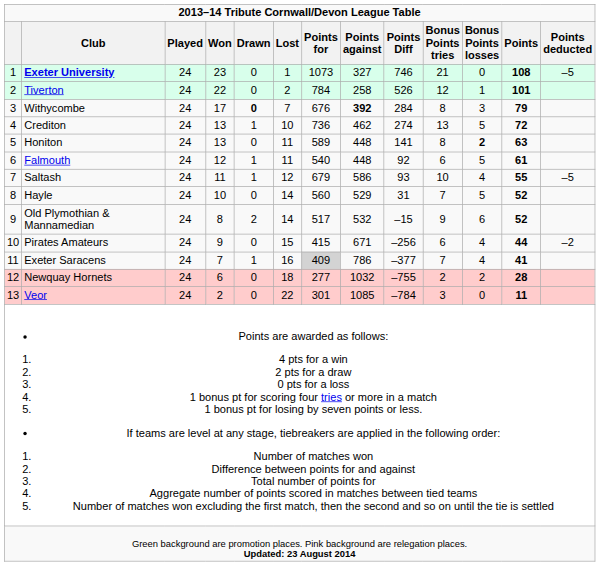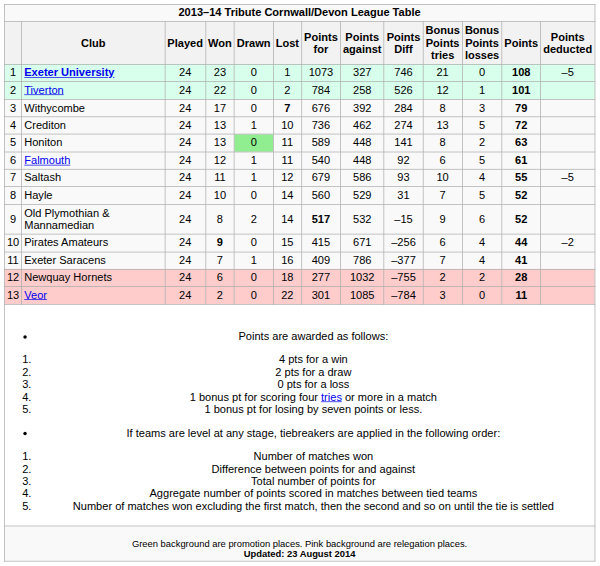 <table class="wikitable" style="text-align: center;">
 <tr>
 <td colspan="13"><strong> 2013–14 Tribute Cornwall/Devon League Table</strong></td>
 </tr>
 <tr>
 <th bgcolor="#efefef" width="10"></th>
 <th bgcolor="#efefef" width="200">Club</th>
 <th bgcolor="#efefef" width="20">Played</th>
 <th bgcolor="#efefef" width="20">Won</th>
 <th bgcolor="#efefef" width="20">Drawn</th>
 <th bgcolor="#efefef" width="20">Lost</th>
 <th bgcolor="#efefef" width="20">Points for</th>
 <th bgcolor="#efefef" width="20">Points against</th>
 <th bgcolor="#efefef" width="20">Points Diff</th>
 <th bgcolor="#efefef" width="20">Bonus Points tries</th>
 <th bgcolor="#efefef" width="20">Bonus Points losses</th>
 <th bgcolor="#efefef" width="20">Points</th>
 <th bgcolor="#efefef" width="20">Points deducted</th>
 </tr>
 <tr bgcolor=#d8ffeb align=center>
 <td>1</td>
 <td align=left><strong><a href='#'>Exeter University</a></strong></td>
 <td>24</td>
 <td>23</td>
 <td>0</td>
 <td>1</td>
 <td>1073</td>
 <td>327</td>
 <td>746</td>
 <td>21</td>
 <td>0</td>
 <td><strong>108</strong></td>
 <td>–5</td>
 </tr>
 <tr bgcolor=#d8ffeb align=center>
 <td>2</td>
 <td align=left><a href='#'>Tiverton</a></td>
 <td>24</td>
 <td>22</td>
 <td>0</td>
 <td>2</td>
 <td>784</td>
 <td>258</td>
 <td>526</td>
 <td>12</td>
 <td>1</td>
 <td><strong>101</strong></td>
 <td></td>
 </tr>
 <tr>
 <td>3</td>
 <td align=left>Withycombe</td>
 <td>24</td>
 <td>17</td>
-<td><strong>0</strong></td>
-<td>7</td>
+<td>0</td>
+<td><strong>7</strong></td>
 <td>676</td>
-<td><strong>392</strong></td>
+<td>392</td>
 <td>284</td>
 <td>8</td>
 <td>3</td>
 <td><strong>79</strong></td>
 <td></td>
 </tr>
 <tr>
 <td>4</td>
 <td align=left>Crediton</td>
 <td>24</td>
 <td>13</td>
 <td>1</td>
 <td>10</td>
 <td>736</td>
 <td>462</td>
 <td>274</td>
 <td>13</td>
 <td>5</td>
 <td><strong>72</strong></td>
 <td></td>
 </tr>
 <tr>
 <td>5</td>
 <td align=left>Honiton</td>
 <td>24</td>
 <td>13</td>
-<td>0</td>
+<td style="background: lightgreen;">0</td>
 <td>11</td>
 <td>589</td>
 <td>448</td>
 <td>141</td>
 <td>8</td>
-<td><strong>2</strong></td>
+<td>2</td>
 <td><strong>63</strong></td>
 <td></td>
 </tr>
 <tr>
 <td>6</td>
 <td align=left><a href='#'>Falmouth</a></td>
 <td>24</td>
 <td>12</td>
 <td>1</td>
 <td>11</td>
 <td>540</td>
 <td>448</td>
 <td>92</td>
 <td>6</td>
 <td>5</td>
 <td><strong>61</strong></td>
 <td></td>
 </tr>
 <tr>
 <td>7</td>
 <td align=left>Saltash</td>
 <td>24</td>
 <td>11</td>
 <td>1</td>
 <td>12</td>
 <td>679</td>
 <td>586</td>
 <td>93</td>
 <td>10</td>
 <td>4</td>
 <td><strong>55</strong></td>
 <td>–5</td>
 </tr>
 <tr>
 <td>8</td>
 <td align=left>Hayle</td>
 <td>24</td>
 <td>10</td>
 <td>0</td>
 <td>14</td>
 <td>560</td>
 <td>529</td>
 <td>31</td>
 <td>7</td>
 <td>5</td>
 <td><strong>52</strong></td>
 <td></td>
 </tr>
 <tr>
 <td>9</td>
 <td align=left>Old Plymothian & Mannamedian</td>
 <td>24</td>
 <td>8</td>
 <td>2</td>
 <td>14</td>
-<td>517</td>
+<td><strong>517</strong></td>
 <td>532</td>
 <td>–15</td>
 <td>9</td>
 <td>6</td>
 <td><strong>52</strong></td>
 <td></td>
 </tr>
 <tr>
 <td>10</td>
 <td align=left>Pirates Amateurs</td>
 <td>24</td>
-<td>9</td>
+<td><strong>9</strong></td>
 <td>0</td>
 <td>15</td>
 <td>415</td>
 <td>671</td>
 <td>–256</td>
 <td>6</td>
 <td>4</td>
 <td><strong>44</strong></td>
 <td>–2</td>
 </tr>
 <tr>
 <td>11</td>
 <td align=left>Exeter Saracens</td>
 <td>24</td>
 <td>7</td>
 <td>1</td>
 <td>16</td>
-<td style="background: lightgrey;">409</td>
+<td>409</td>
 <td>786</td>
 <td>–377</td>
 <td>7</td>
 <td>4</td>
 <td><strong>41</strong></td>
 <td></td>
 </tr>
 <tr bgcolor=#ffcccc>
 <td>12</td>
 <td align=left>Newquay Hornets</td>
 <td>24</td>
 <td>6</td>
 <td>0</td>
 <td>18</td>
 <td>277</td>
 <td>1032</td>
 <td>–755</td>
 <td>2</td>
 <td>2</td>
 <td><strong>28</strong></td>
 <td></td>
 </tr>
 <tr bgcolor=#ffcccc>
 <td>13</td>
 <td align=left><a href='#'>Veor</a></td>
 <td>24</td>
 <td>2</td>
 <td>0</td>
 <td>22</td>
 <td>301</td>
 <td>1085</td>
 <td>–784</td>
 <td>3</td>
 <td>0</td>
 <td><strong>11</strong></td>
 <td></td>
 </tr>
 <tr bgcolor=#ffffff align=center>
 <td colspan="13"><br><ul><li>Points are awarded as follows:</li></ul><ol><li>4 pts for a win</li><li>2 pts for a draw</li><li>0 pts for a loss</li><li>1 bonus pt for scoring four <a href='#'>tries</a> or more in a match</li><li>1 bonus pt for losing by seven points or less.</li></ol><ul><li>If teams are level at any stage, tiebreakers are applied in the following order:</li></ul><ol><li>Number of matches won</li><li>Difference between points for and against</li><li>Total number of points for</li><li>Aggregate number of points scored in matches between tied teams</li><li>Number of matches won excluding the first match, then the second and so on until the tie is settled</li></ol></td>
 </tr>
 <tr>
 <td colspan="13" style="border:0px;font-size:85%;"><br><span>Green background</span> are promotion places. <span>Pink background</span> are relegation places. <br> <strong>Updated: 23 August 2014</strong></td>
 </tr>
 <tr>
 </tr>
 </table>
